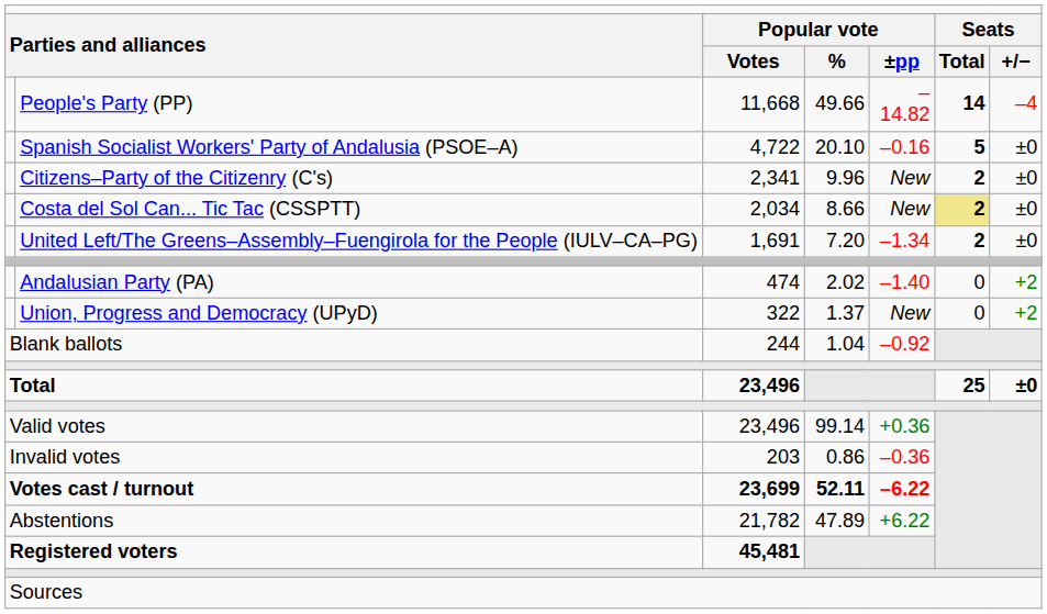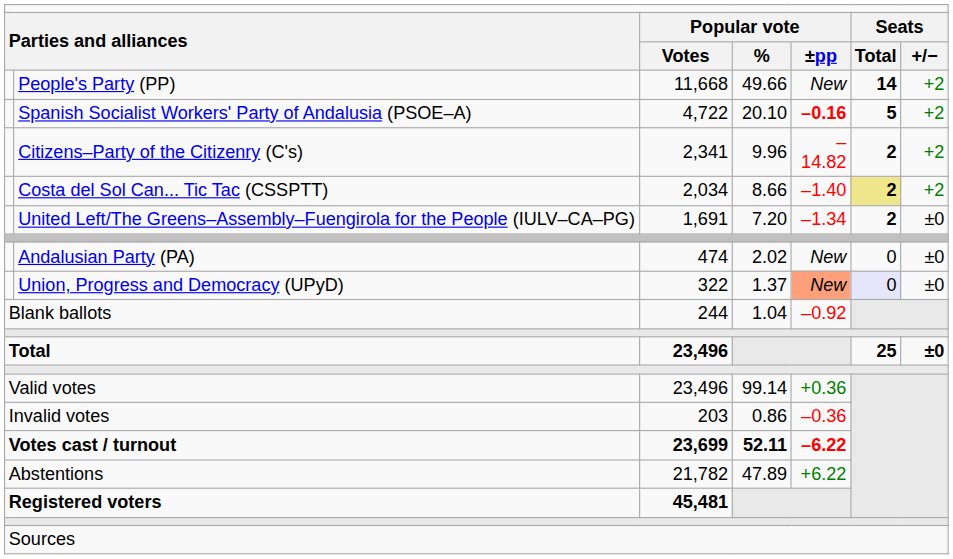 <table class="wikitable" style="text-align:right;">
 <tr>
 <td colspan="7"></td>
 </tr>
 <tr>
 <th style="text-align:left;" rowspan="2" colspan="2" width="525">Parties and alliances</th>
 <th colspan="3">Popular vote</th>
 <th colspan="2">Seats</th>
 </tr>
 <tr>
 <th width="75">Votes</th>
 <th width="45">%</th>
 <th width="45">±<a href='#'>pp</a></th>
 <th width="35">Total</th>
 <th width="35">+/−</th>
 </tr>
 <tr>
 <td width="1" style="color:inherit;background:"></td>
 <td align="left"><a href='#'>People's Party</a> (PP)</td>
 <td>11,668</td>
 <td>49.66</td>
-<td style="color:red;">–14.82</td>
+<td><em>New</em></td>
 <td><strong>14</strong></td>
-<td style="color:red;">–4</td>
+<td style="color:green;">+2</td>
 </tr>
 <tr>
 <td style="color:inherit;background:"></td>
 <td align="left"><a href='#'>Spanish Socialist Workers' Party of Andalusia</a> (PSOE–A)</td>
 <td>4,722</td>
 <td>20.10</td>
-<td style="color:red;">–0.16</td>
+<td style="color:red;"><strong>–0.16</strong></td>
 <td><strong>5</strong></td>
-<td>±0</td>
+<td style="color:green;">+2</td>
 </tr>
 <tr>
 <td style="color:inherit;background:"></td>
 <td align="left"><a href='#'>Citizens–Party of the Citizenry</a> (C's)</td>
 <td>2,341</td>
 <td>9.96</td>
-<td><em>New</em></td>
+<td style="color:red;">–14.82</td>
 <td><strong>2</strong></td>
-<td>±0</td>
+<td style="color:green;">+2</td>
 </tr>
 <tr>
 <td style="color:inherit;background:"></td>
 <td align="left"><a href='#'>Costa del Sol Can... Tic Tac</a> (CSSPTT)</td>
 <td>2,034</td>
 <td>8.66</td>
-<td><em>New</em></td>
+<td style="color:red;">–1.40</td>
 <td style="background: khaki;"><strong>2</strong></td>
-<td>±0</td>
+<td style="color:green;">+2</td>
 </tr>
 <tr>
 <td style="color:inherit;background:"></td>
 <td align="left"><a href='#'>United Left/The Greens–Assembly–Fuengirola for the People</a> (IULV–CA–PG)</td>
 <td>1,691</td>
 <td>7.20</td>
 <td style="color:red;">–1.34</td>
 <td><strong>2</strong></td>
 <td>±0</td>
 </tr>
 <tr>
 <td colspan="7" bgcolor="#C0C0C0"></td>
 </tr>
 <tr>
 <td style="color:inherit;background:"></td>
 <td align="left"><a href='#'>Andalusian Party</a> (PA)</td>
 <td>474</td>
 <td>2.02</td>
-<td style="color:red;">–1.40</td>
+<td><em>New</em></td>
 <td>0</td>
-<td style="color:green;">+2</td>
+<td>±0</td>
 </tr>
 <tr>
 <td style="color:inherit;background:"></td>
 <td align="left"><a href='#'>Union, Progress and Democracy</a> (UPyD)</td>
 <td>322</td>
 <td>1.37</td>
-<td><em>New</em></td>
-<td>0</td>
-<td style="color:green;">+2</td>
+<td style="background: lightsalmon;"><em>New</em></td>
+<td style="background: lavender;">0</td>
+<td>±0</td>
 </tr>
 <tr>
 <td align="left" colspan="2">Blank ballots</td>
 <td>244</td>
 <td>1.04</td>
 <td style="color:red;">–0.92</td>
 <td bgcolor="#E9E9E9" colspan="2"></td>
 </tr>
 <tr>
 <td colspan="7" bgcolor="#E9E9E9"></td>
 </tr>
 <tr style="font-weight:bold;">
 <td align="left" colspan="2">Total</td>
 <td>23,496</td>
 <td bgcolor="#E9E9E9" colspan="2"></td>
 <td>25</td>
 <td>±0</td>
 </tr>
 <tr>
 <td colspan="7" bgcolor="#E9E9E9"></td>
 </tr>
 <tr>
 <td align="left" colspan="2">Valid votes</td>
 <td>23,496</td>
 <td>99.14</td>
 <td style="color:green;">+0.36</td>
 <td bgcolor="#E9E9E9" colspan="2" rowspan="5"></td>
 </tr>
 <tr>
 <td align="left" colspan="2">Invalid votes</td>
 <td>203</td>
 <td>0.86</td>
 <td style="color:red;">–0.36</td>
 </tr>
 <tr style="font-weight:bold;">
 <td align="left" colspan="2">Votes cast / turnout</td>
 <td>23,699</td>
 <td>52.11</td>
 <td style="color:red;">–6.22</td>
 </tr>
 <tr>
 <td align="left" colspan="2">Abstentions</td>
 <td>21,782</td>
 <td>47.89</td>
 <td style="color:green;">+6.22</td>
 </tr>
 <tr style="font-weight:bold;">
 <td align="left" colspan="2">Registered voters</td>
 <td>45,481</td>
 <td bgcolor="#E9E9E9" colspan="2"></td>
 </tr>
 <tr>
 <td colspan="7" bgcolor="#E9E9E9"></td>
 </tr>
 <tr>
 <td align="left" colspan="7">Sources</td>
 </tr>
 </table>
